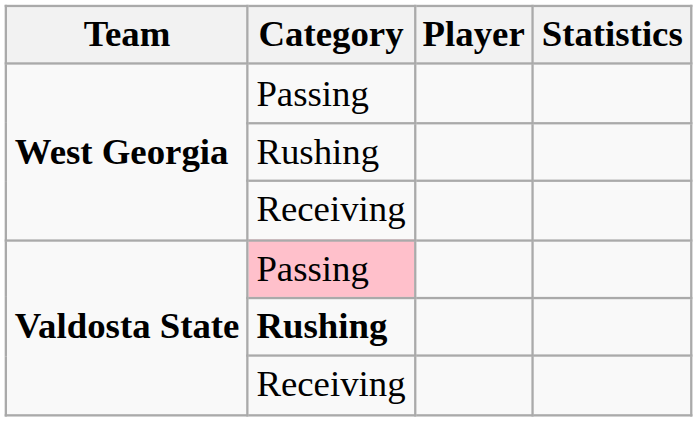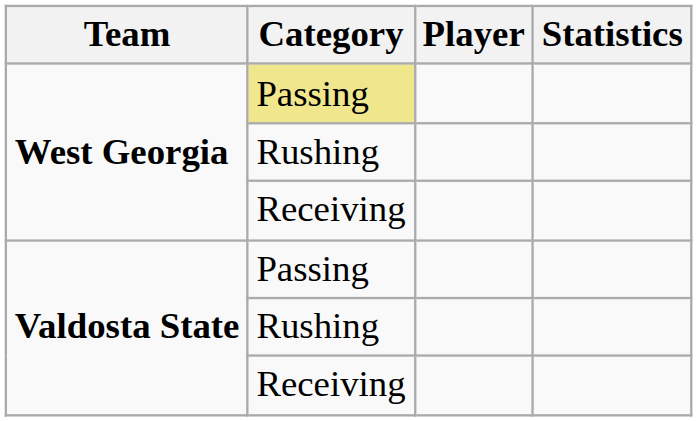 <table class="wikitable" style="float: right;">
 <tr>
 <th>Team</th>
 <th>Category</th>
 <th>Player</th>
 <th>Statistics</th>
 </tr>
 <tr>
 <td rowspan=3><strong>West Georgia</strong></td>
-<td>Passing</td>
+<td style="background: khaki;">Passing</td>
 <td></td>
 <td></td>
 </tr>
 <tr>
 <td>Rushing</td>
 <td></td>
 <td></td>
 </tr>
 <tr>
 <td>Receiving</td>
 <td></td>
 <td></td>
 </tr>
 <tr>
 <td rowspan=3><strong>Valdosta State</strong></td>
-<td style="background: pink;">Passing</td>
+<td>Passing</td>
 <td></td>
 <td></td>
 </tr>
 <tr>
-<td><strong>Rushing</strong></td>
+<td>Rushing</td>
 <td></td>
 <td></td>
 </tr>
 <tr>
 <td>Receiving</td>
 <td></td>
 <td></td>
 </tr>
 </table>
